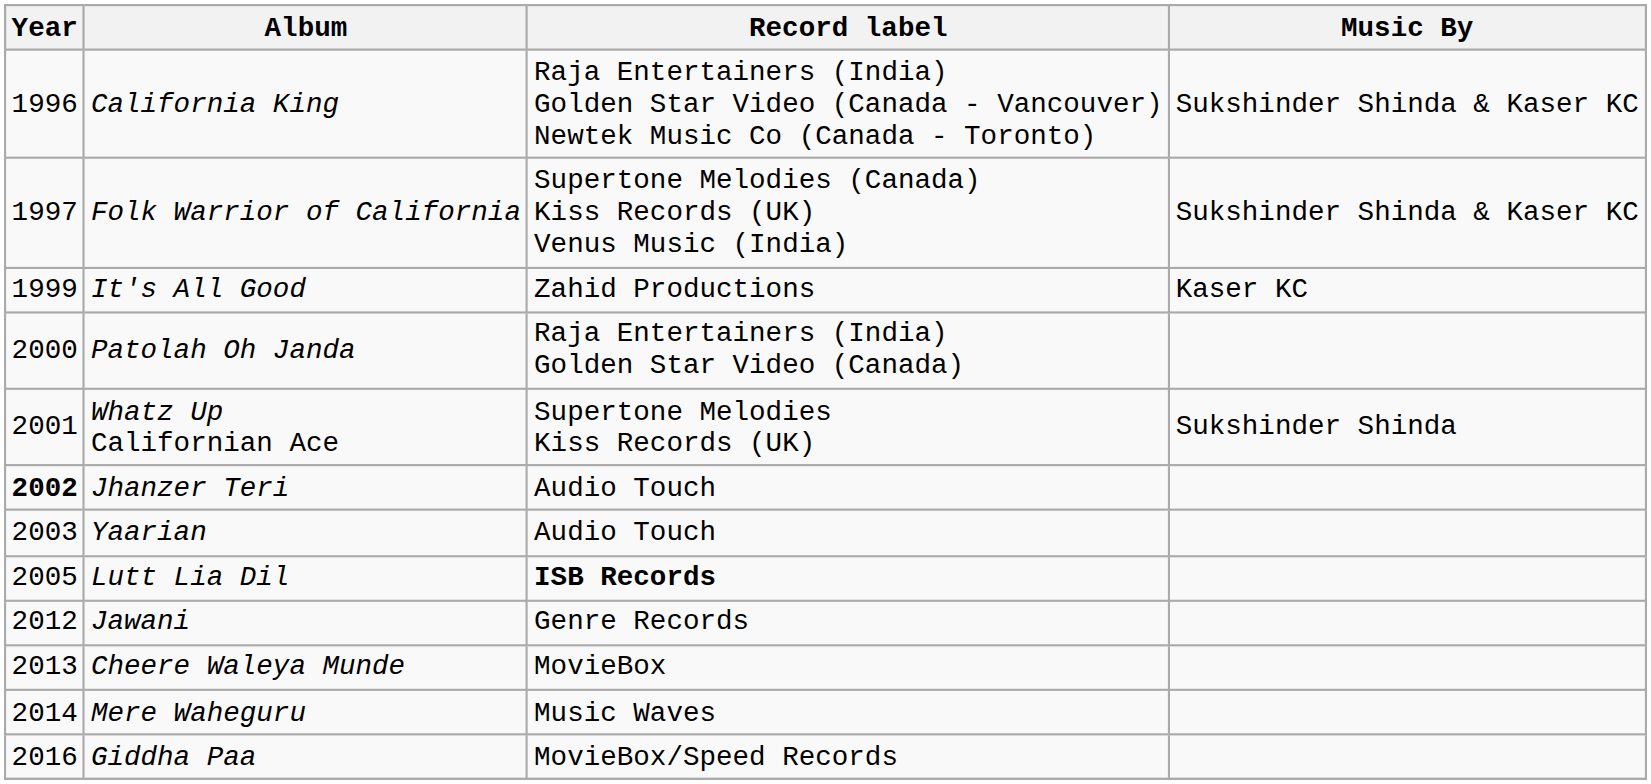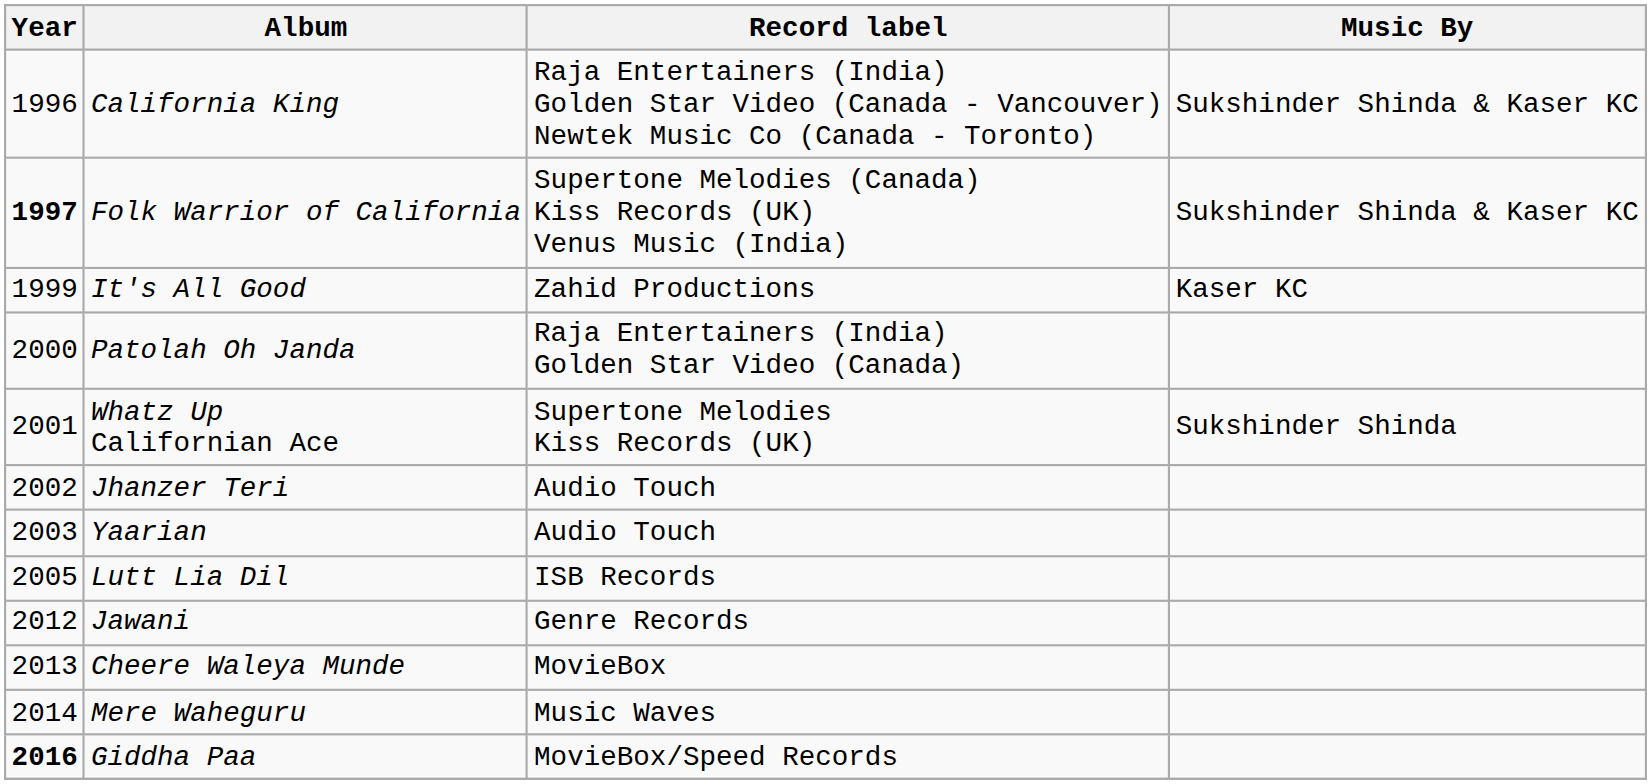 <table class="wikitable sortable plainrowheaders">
 <tr style="background:#ccc; text-align:center;">
 <th>Year</th>
 <th>Album</th>
 <th>Record label</th>
 <th>Music By</th>
 </tr>
 <tr>
 <td>1996</td>
 <td><em>California King</em></td>
 <td>Raja Entertainers (India)<br>Golden Star Video (Canada - Vancouver)<br>Newtek Music Co (Canada - Toronto)</td>
 <td>Sukshinder Shinda & Kaser KC</td>
 </tr>
 <tr>
-<td>1997</td>
+<td><strong>1997</strong></td>
 <td><em>Folk Warrior of California</em></td>
 <td>Supertone Melodies (Canada)<br>Kiss Records (UK)<br>Venus Music (India)</td>
 <td>Sukshinder Shinda & Kaser KC</td>
 </tr>
 <tr>
 <td>1999</td>
 <td><em>It's All Good</em></td>
 <td>Zahid Productions</td>
 <td>Kaser KC</td>
 </tr>
 <tr>
 <td>2000</td>
 <td><em>Patolah Oh Janda</em></td>
 <td>Raja Entertainers (India)<br>Golden Star Video (Canada)</td>
 <td></td>
 </tr>
 <tr>
 <td>2001</td>
 <td><em>Whatz Up</em><br>Californian Ace</td>
 <td>Supertone Melodies<br>Kiss Records (UK)</td>
 <td>Sukshinder Shinda</td>
 </tr>
 <tr>
-<td><strong>2002</strong></td>
+<td>2002</td>
 <td><em>Jhanzer Teri</em></td>
 <td>Audio Touch</td>
 <td></td>
 </tr>
 <tr>
 <td>2003</td>
 <td><em>Yaarian</em></td>
 <td>Audio Touch</td>
 <td></td>
 </tr>
 <tr>
 <td>2005</td>
 <td><em>Lutt Lia Dil</em></td>
-<td><strong>ISB Records</strong></td>
+<td>ISB Records</td>
 <td></td>
 </tr>
 <tr>
 <td>2012</td>
 <td><em>Jawani</em></td>
 <td>Genre Records</td>
 <td></td>
 </tr>
 <tr>
 <td>2013</td>
 <td><em>Cheere Waleya Munde</em></td>
 <td>MovieBox</td>
 <td></td>
 </tr>
 <tr>
 <td>2014</td>
 <td><em>Mere Waheguru</em></td>
 <td>Music Waves</td>
 <td></td>
 </tr>
 <tr>
-<td>2016</td>
+<td><strong>2016</strong></td>
 <td><em>Giddha Paa</em></td>
 <td>MovieBox/Speed Records</td>
 <td></td>
 </tr>
 <tr>
 </tr>
 </table>
